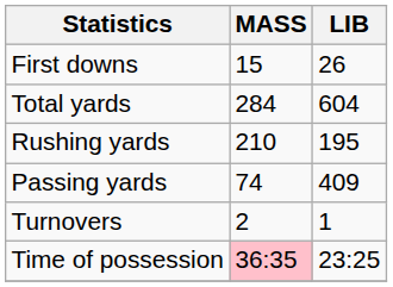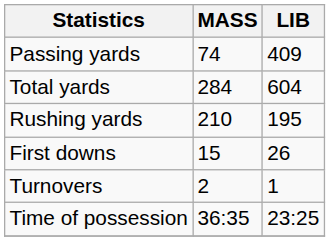 <table class="wikitable">
 <tr>
 <th>Statistics</th>
 <th>MASS</th>
 <th>LIB</th>
 </tr>
 <tr>
-<td>First downs</td>
-<td>15</td>
-<td>26</td>
+<td>Passing yards</td>
+<td>74</td>
+<td>409</td>
 </tr>
 <tr>
 <td>Total yards</td>
 <td>284</td>
 <td>604</td>
 </tr>
 <tr>
 <td>Rushing yards</td>
 <td>210</td>
 <td>195</td>
 </tr>
 <tr>
-<td>Passing yards</td>
-<td>74</td>
-<td>409</td>
+<td>First downs</td>
+<td>15</td>
+<td>26</td>
 </tr>
 <tr>
 <td>Turnovers</td>
 <td>2</td>
 <td>1</td>
 </tr>
 <tr>
 <td>Time of possession</td>
-<td style="background: pink;">36:35</td>
+<td>36:35</td>
 <td>23:25</td>
 </tr>
 <tr>
 </tr>
 </table>
